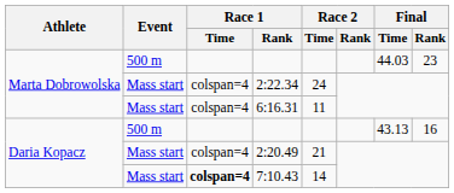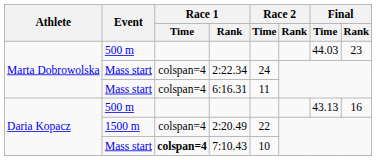 <table class="wikitable" style="font-size:90%">
 <tr>
 <th rowspan=2>Athlete</th>
 <th rowspan=2>Event</th>
 <th colspan=2>Race 1</th>
 <th colspan=2>Race 2</th>
 <th colspan=2>Final</th>
 </tr>
 <tr style="font-size:95%">
 <th>Time</th>
 <th>Rank</th>
 <th>Time</th>
 <th>Rank</th>
 <th>Time</th>
 <th>Rank</th>
 </tr>
 <tr align=center>
 <td align=left rowspan=3><a href='#'>Marta Dobrowolska</a></td>
 <td align=left><a href='#'>500 m</a></td>
 <td></td>
 <td></td>
 <td></td>
 <td></td>
 <td>44.03</td>
 <td>23</td>
 </tr>
 <tr align=center>
 <td align=left><a href='#'>Mass start</a></td>
 <td>colspan=4 </td>
 <td>2:22.34</td>
 <td>24</td>
 </tr>
 <tr align=center>
 <td align=left><a href='#'>Mass start</a></td>
 <td>colspan=4 </td>
 <td>6:16.31</td>
 <td>11</td>
 </tr>
 <tr align=center>
 <td align=left rowspan=3><a href='#'>Daria Kopacz</a></td>
 <td align=left><a href='#'>500 m</a></td>
 <td></td>
 <td></td>
 <td></td>
 <td></td>
 <td>43.13</td>
 <td>16</td>
 </tr>
 <tr align=center>
-<td align=left><a href='#'>Mass start</a></td>
+<td align=left><a href='#'>1500 m</a></td>
 <td>colspan=4 </td>
 <td>2:20.49</td>
-<td>21</td>
+<td>22</td>
 </tr>
 <tr align=center>
 <td align=left><a href='#'>Mass start</a></td>
 <td><strong>colspan=4 </strong></td>
 <td>7:10.43</td>
-<td>14</td>
+<td>10</td>
 </tr>
 </table>
